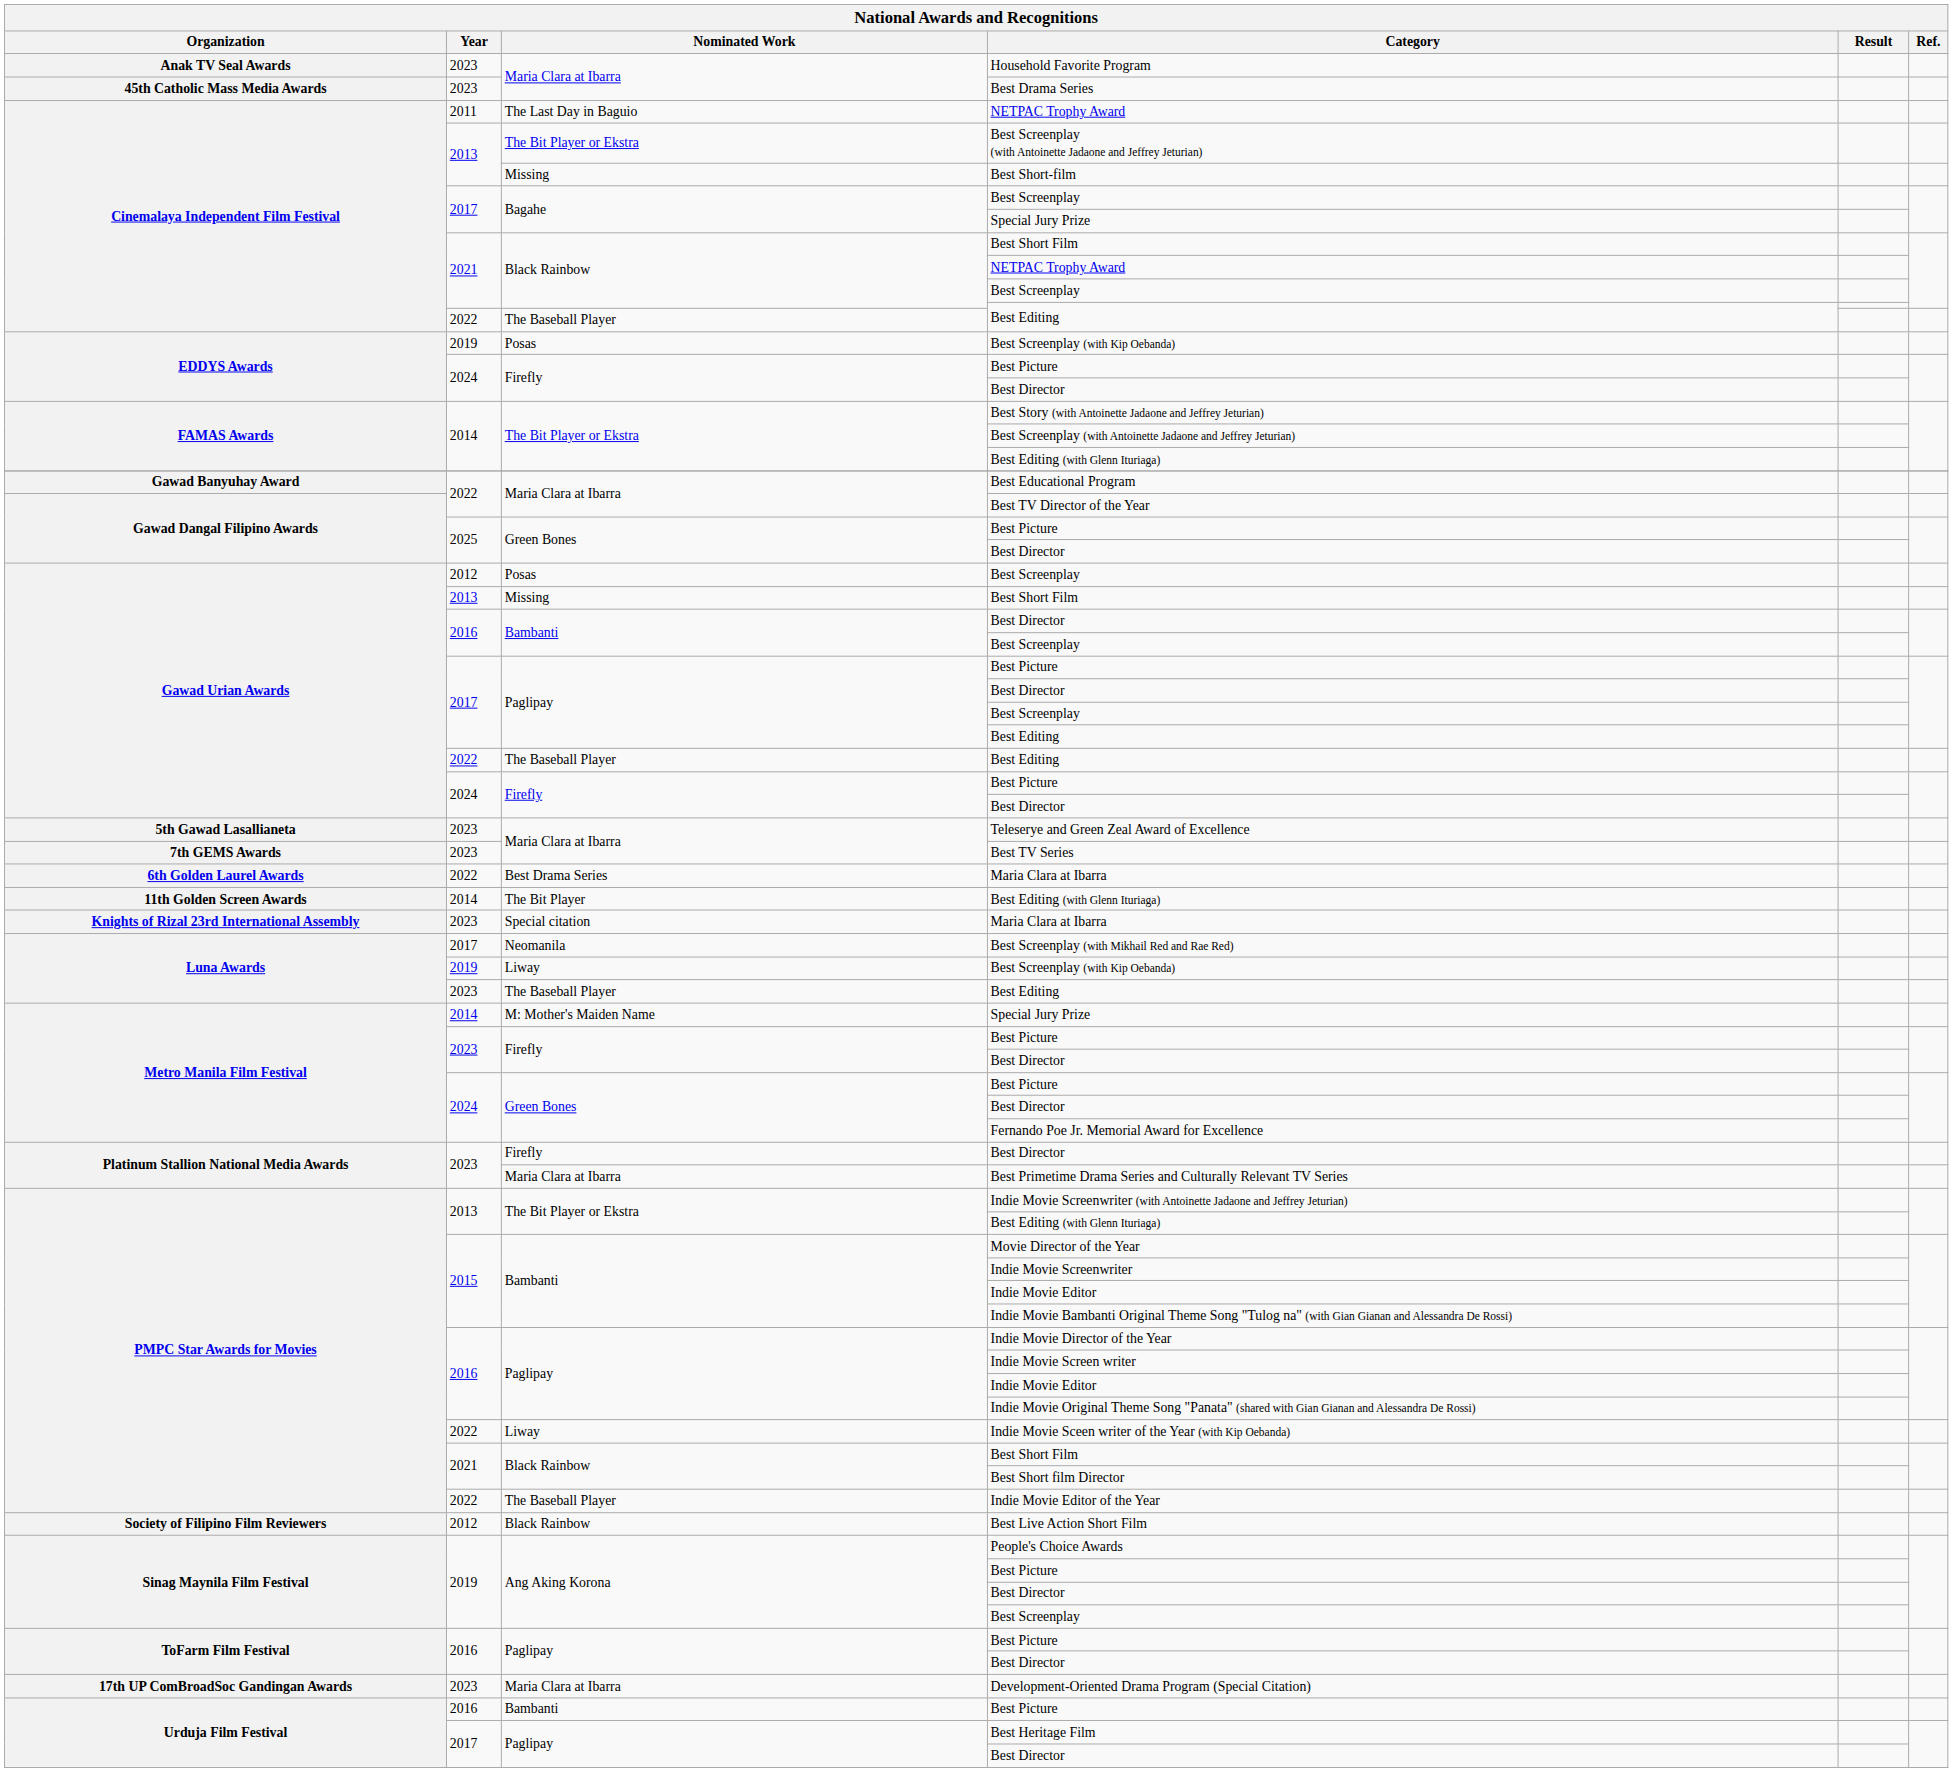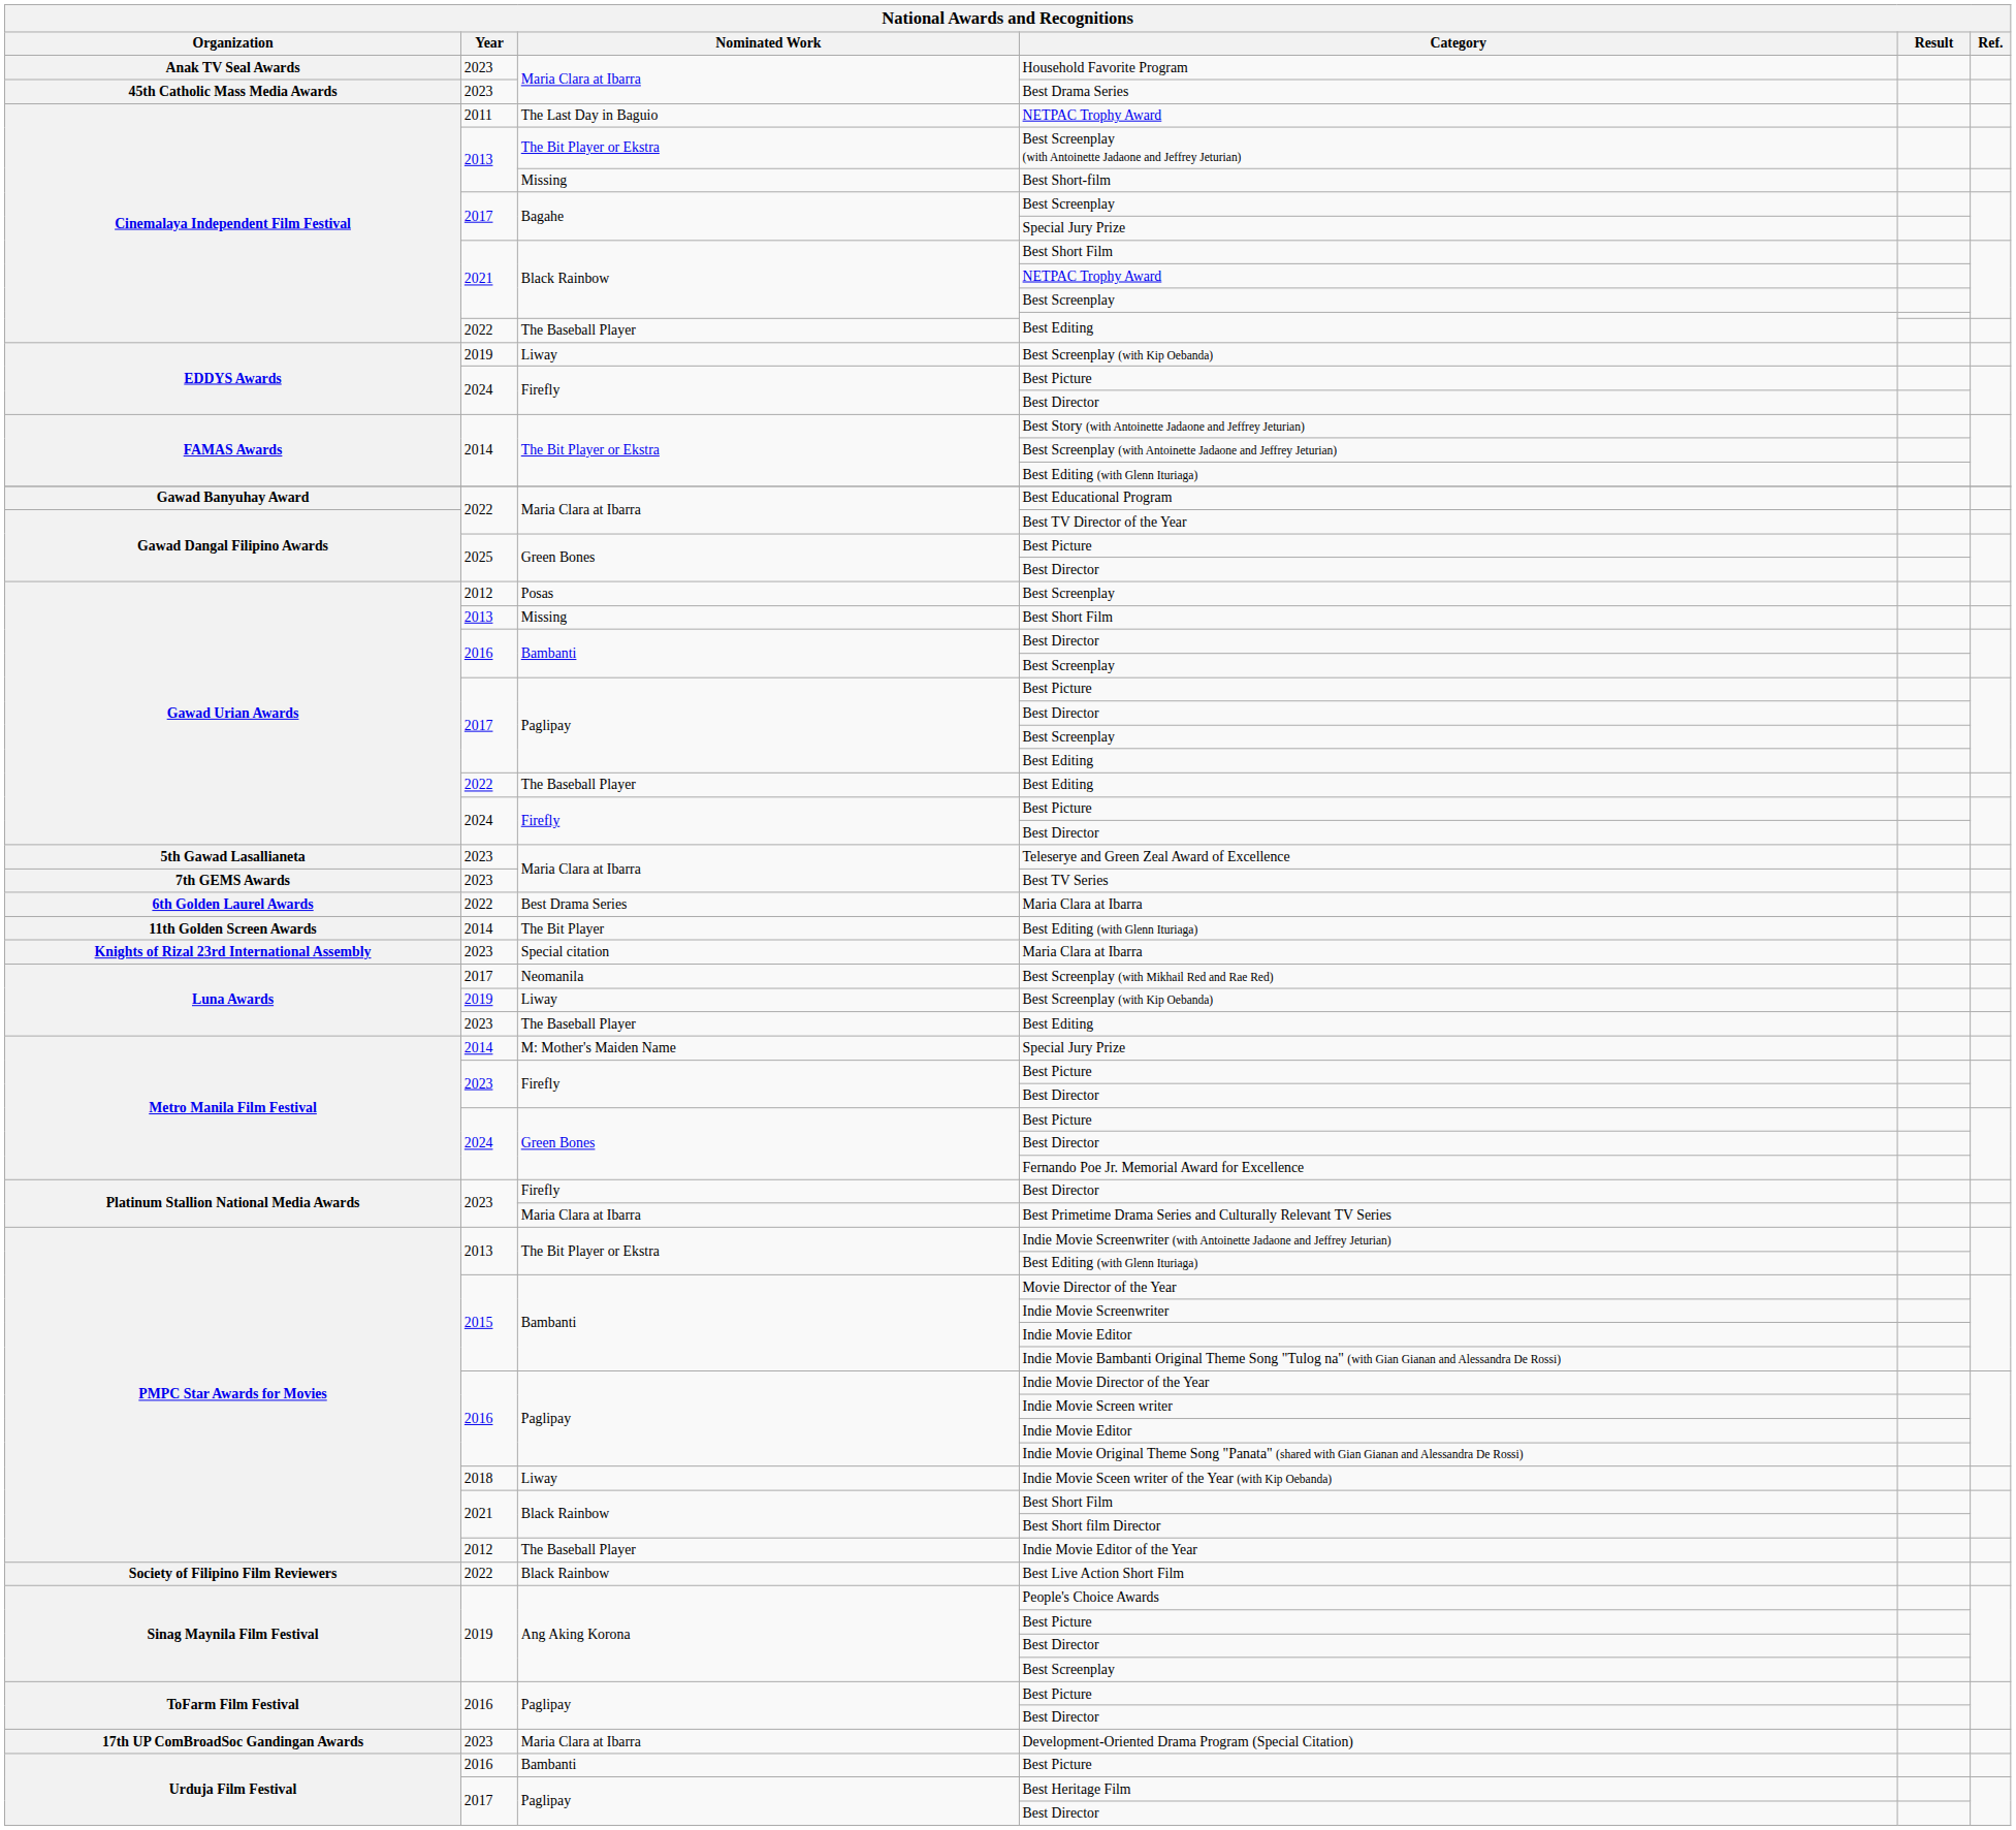 <table class="wikitable sortable plainrowheaders" style="font-size:88%; width:100%;">
 <tr>
 <th colspan=6><big>National Awards and Recognitions</big></th>
 </tr>
 <tr>
 <th>Organization</th>
 <th>Year</th>
 <th scope="col" width="25%">Nominated Work</th>
 <th>Category</th>
 <th>Result</th>
 <th scope="col" width="2%">Ref.</th>
 </tr>
 <tr>
 <th scope="rowgroup">Anak TV Seal Awards</th>
 <td>2023</td>
 <td rowspan="2"><a href='#'>Maria Clara at Ibarra</a></td>
 <td>Household Favorite Program</td>
 <td></td>
 <td></td>
 </tr>
 <tr>
 <th scope="rowgroup">45th Catholic Mass Media Awards</th>
 <td>2023</td>
 <td>Best Drama Series</td>
 <td></td>
 <td></td>
 </tr>
 <tr>
 <th scope="rowgroup" rowspan="10"><a href='#'>Cinemalaya Independent Film Festival</a></th>
 <td>2011</td>
 <td>The Last Day in Baguio</td>
 <td><a href='#'>NETPAC Trophy Award</a></td>
 <td></td>
 <td></td>
 </tr>
 <tr>
 <td rowspan="2"><a href='#'>2013</a></td>
 <td><a href='#'>The Bit Player or Ekstra</a></td>
 <td>Best Screenplay<br><small>(with Antoinette Jadaone and Jeffrey Jeturian)</small></td>
 <td></td>
 <td></td>
 </tr>
 <tr>
 <td>Missing</td>
 <td>Best Short-film</td>
 <td></td>
 <td></td>
 </tr>
 <tr>
 <td rowspan="2"><a href='#'>2017</a></td>
 <td rowspan="2">Bagahe</td>
 <td>Best Screenplay</td>
 <td></td>
 <td rowspan="2"></td>
 </tr>
 <tr>
 <td>Special Jury Prize</td>
 <td></td>
 </tr>
 <tr>
 <td rowspan="4"><a href='#'>2021</a></td>
 <td rowspan="4">Black Rainbow</td>
 <td>Best Short Film</td>
 <td></td>
 <td rowspan="4"></td>
 </tr>
 <tr>
 <td><a href='#'>NETPAC Trophy Award</a></td>
 <td></td>
 </tr>
 <tr>
 <td>Best Screenplay</td>
 <td></td>
 </tr>
 <tr>
 <td rowspan="2">Best Editing</td>
 <td></td>
 </tr>
 <tr>
 <td>2022</td>
 <td>The Baseball Player</td>
 <td></td>
 <td></td>
 </tr>
 <tr>
 <th scope="rowgroup" rowspan="3"><a href='#'>EDDYS Awards</a></th>
 <td>2019</td>
-<td>Posas</td>
+<td>Liway</td>
 <td>Best Screenplay <small>(with Kip Oebanda)</small></td>
 <td></td>
 <td></td>
 </tr>
 <tr>
 <td rowspan="2">2024</td>
 <td rowspan="2">Firefly</td>
 <td>Best Picture</td>
 <td></td>
 <td rowspan="2"></td>
 </tr>
 <tr>
 <td>Best Director</td>
 <td></td>
 </tr>
 <tr>
 <th scope="rowgroup" rowspan="3"><a href='#'>FAMAS Awards</a></th>
 <td rowspan="3">2014</td>
 <td rowspan="3"><a href='#'>The Bit Player or Ekstra</a></td>
 <td>Best Story <small>(with Antoinette Jadaone and Jeffrey Jeturian)</small></td>
 <td></td>
 <td rowspan="3"></td>
 </tr>
 <tr>
 <td>Best Screenplay <small>(with Antoinette Jadaone and Jeffrey Jeturian)</small></td>
 <td></td>
 </tr>
 <tr>
 <td>Best Editing <small>(with Glenn Ituriaga)</small></td>
 <td></td>
 </tr>
 <tr>
 </tr>
 <tr>
 <th scope="rowgroup">Gawad Banyuhay Award</th>
 <td rowspan="2">2022</td>
 <td rowspan="2">Maria Clara at Ibarra</td>
 <td>Best Educational Program</td>
 <td></td>
 <td></td>
 </tr>
 <tr>
 <th scope="rowgroup" rowspan="3">Gawad Dangal Filipino Awards</th>
 <td>Best TV Director of the Year</td>
 <td></td>
 <td></td>
 </tr>
 <tr>
 <td rowspan="2">2025</td>
 <td rowspan="2">Green Bones</td>
 <td>Best Picture</td>
 <td></td>
 <td rowspan="2"></td>
 </tr>
 <tr>
 <td>Best Director</td>
 <td></td>
 </tr>
 <tr>
 <th scope="rowgroup" rowspan="11"><a href='#'>Gawad Urian Awards</a></th>
 <td>2012</td>
 <td>Posas</td>
 <td>Best Screenplay</td>
 <td></td>
 <td></td>
 </tr>
 <tr>
 <td><a href='#'>2013</a></td>
 <td>Missing</td>
 <td>Best Short Film</td>
 <td></td>
 <td></td>
 </tr>
 <tr>
 <td rowspan="2"><a href='#'>2016</a></td>
 <td rowspan="2"><a href='#'>Bambanti</a></td>
 <td>Best Director</td>
 <td></td>
 <td rowspan="2"></td>
 </tr>
 <tr>
 <td>Best Screenplay</td>
 <td></td>
 </tr>
 <tr>
 <td rowspan="4"><a href='#'>2017</a></td>
 <td rowspan="4">Paglipay</td>
 <td>Best Picture</td>
 <td></td>
 <td rowspan="4"></td>
 </tr>
 <tr>
 <td>Best Director</td>
 <td></td>
 </tr>
 <tr>
 <td>Best Screenplay</td>
 <td></td>
 </tr>
 <tr>
 <td>Best Editing</td>
 <td></td>
 </tr>
 <tr>
 <td><a href='#'>2022</a></td>
 <td>The Baseball Player</td>
 <td>Best Editing</td>
 <td></td>
 <td></td>
 </tr>
 <tr>
 <td rowspan="2">2024</td>
 <td rowspan="2"><a href='#'>Firefly</a></td>
 <td>Best Picture</td>
 <td></td>
 <td rowspan="2"></td>
 </tr>
 <tr>
 <td>Best Director</td>
 <td></td>
 </tr>
 <tr>
 <th scope="rowgroup">5th Gawad Lasallianeta</th>
 <td>2023</td>
 <td rowspan="2">Maria Clara at Ibarra</td>
 <td>Teleserye and Green Zeal Award of Excellence</td>
 <td></td>
 <td></td>
 </tr>
 <tr>
 <th scope="rowgroup">7th GEMS Awards</th>
 <td>2023</td>
 <td>Best TV Series</td>
 <td></td>
 <td></td>
 </tr>
 <tr>
 <th scope="rowgroup"><a href='#'>6th Golden Laurel Awards</a></th>
 <td>2022</td>
 <td>Best Drama  Series</td>
 <td>Maria Clara at Ibarra</td>
 <td></td>
 <td></td>
 </tr>
 <tr>
 <th scope="rowgroup">11th Golden Screen Awards</th>
 <td>2014</td>
 <td>The Bit Player</td>
 <td>Best Editing <small>(with Glenn Ituriaga)</small></td>
 <td></td>
 <td></td>
 </tr>
 <tr>
 <th scope="rowgroup"><a href='#'>Knights of Rizal 23rd International Assembly</a></th>
 <td>2023</td>
 <td>Special citation</td>
 <td>Maria Clara at Ibarra</td>
 <td></td>
 <td></td>
 </tr>
 <tr>
 <th scope="rowgroup" rowspan="3"><a href='#'>Luna Awards</a></th>
 <td>2017</td>
 <td>Neomanila</td>
 <td>Best Screenplay <small>(with Mikhail Red and Rae Red)</small></td>
 <td></td>
 <td></td>
 </tr>
 <tr>
 <td><a href='#'>2019</a></td>
 <td>Liway</td>
 <td>Best Screenplay <small>(with Kip Oebanda)</small></td>
 <td></td>
 <td></td>
 </tr>
 <tr>
 <td>2023</td>
 <td>The Baseball Player</td>
 <td>Best Editing</td>
 <td></td>
 <td></td>
 </tr>
 <tr>
 <th scope="rowgroup" rowspan="6"><a href='#'>Metro Manila Film Festival</a></th>
 <td><a href='#'>2014</a></td>
 <td>M: Mother's Maiden Name</td>
 <td>Special Jury Prize</td>
 <td></td>
 <td></td>
 </tr>
 <tr>
 <td rowspan="2"><a href='#'>2023</a></td>
 <td rowspan="2">Firefly</td>
 <td>Best Picture</td>
 <td></td>
 <td rowspan="2"></td>
 </tr>
 <tr>
 <td>Best Director</td>
 <td></td>
 </tr>
 <tr>
 <td rowspan="3"><a href='#'>2024</a></td>
 <td rowspan="3"><a href='#'>Green Bones</a></td>
 <td>Best Picture</td>
 <td></td>
 <td rowspan="3"></td>
 </tr>
 <tr>
 <td>Best Director</td>
 <td></td>
 </tr>
 <tr>
 <td>Fernando Poe Jr. Memorial Award for Excellence</td>
 <td></td>
 </tr>
 <tr>
 <th scope="rowgroup" rowspan="2">Platinum Stallion National Media Awards</th>
 <td rowspan="2">2023</td>
 <td>Firefly</td>
 <td>Best Director</td>
 <td></td>
 <td></td>
 </tr>
 <tr>
 <td>Maria Clara at Ibarra</td>
 <td>Best Primetime Drama Series and Culturally Relevant TV Series</td>
 <td></td>
 <td></td>
 </tr>
 <tr>
 <th scope="rowgroup" rowspan="14"><a href='#'>PMPC Star Awards for Movies</a></th>
 <td rowspan="2">2013</td>
 <td rowspan="2">The Bit Player or Ekstra</td>
 <td>Indie Movie Screenwriter <small>(with Antoinette Jadaone and Jeffrey Jeturian)</small></td>
 <td></td>
 <td rowspan="2"></td>
 </tr>
 <tr>
 <td>Best Editing <small>(with Glenn Ituriaga)</small></td>
 <td></td>
 </tr>
 <tr>
 <td rowspan="4"><a href='#'>2015</a></td>
 <td rowspan="4">Bambanti</td>
 <td>Movie Director of the Year</td>
 <td></td>
 <td rowspan="4"></td>
 </tr>
 <tr>
 <td>Indie Movie Screenwriter</td>
 <td></td>
 </tr>
 <tr>
 <td>Indie Movie Editor</td>
 <td></td>
 </tr>
 <tr>
 <td>Indie Movie Bambanti Original Theme Song "Tulog na" <small>(with Gian Gianan and Alessandra De Rossi)</small></td>
 <td></td>
 </tr>
 <tr>
 <td rowspan="4"><a href='#'>2016</a></td>
 <td rowspan="4">Paglipay</td>
 <td>Indie Movie Director of the Year</td>
 <td></td>
 <td rowspan="4"></td>
 </tr>
 <tr>
 <td>Indie Movie Screen writer</td>
 <td></td>
 </tr>
 <tr>
 <td>Indie Movie Editor</td>
 <td></td>
 </tr>
 <tr>
 <td>Indie Movie Original Theme Song "Panata" <small>(shared with Gian Gianan and Alessandra De Rossi)</small></td>
 <td></td>
 </tr>
 <tr>
-<td>2022</td>
+<td>2018</td>
 <td>Liway</td>
 <td>Indie Movie Sceen writer of the Year <small>(with Kip Oebanda)</small></td>
 <td></td>
 <td></td>
 </tr>
 <tr>
 <td rowspan="2">2021</td>
 <td rowspan="2">Black Rainbow</td>
 <td>Best Short Film</td>
 <td></td>
 <td rowspan="2"></td>
 </tr>
 <tr>
 <td>Best Short film Director</td>
 <td></td>
 </tr>
 <tr>
-<td>2022</td>
+<td>2012</td>
 <td>The Baseball Player</td>
 <td>Indie Movie Editor of the Year</td>
 <td></td>
 <td></td>
 </tr>
 <tr>
 <th scope="rowgroup">Society of Filipino Film Reviewers</th>
-<td>2012</td>
+<td>2022</td>
 <td>Black Rainbow</td>
 <td>Best Live Action Short Film</td>
 <td></td>
 <td></td>
 </tr>
 <tr>
 <th scope="rowgroup" rowspan="4">Sinag Maynila Film Festival</th>
 <td rowspan="4">2019</td>
 <td rowspan="4">Ang Aking Korona</td>
 <td>People's Choice Awards</td>
 <td></td>
 <td rowspan="4"></td>
 </tr>
 <tr>
 <td>Best Picture</td>
 <td></td>
 </tr>
 <tr>
 <td>Best Director</td>
 <td></td>
 </tr>
 <tr>
 <td>Best Screenplay</td>
 <td></td>
 </tr>
 <tr>
 <th scope="rowgroup" rowspan="2">ToFarm Film Festival</th>
 <td rowspan="2">2016</td>
 <td rowspan="2">Paglipay</td>
 <td>Best Picture</td>
 <td></td>
 <td rowspan="2"></td>
 </tr>
 <tr>
 <td>Best Director</td>
 <td></td>
 </tr>
 <tr>
 <th scope="rowgroup">17th UP ComBroadSoc Gandingan Awards</th>
 <td>2023</td>
 <td>Maria Clara at Ibarra</td>
 <td>Development-Oriented Drama Program (Special Citation)</td>
 <td></td>
 <td></td>
 </tr>
 <tr>
 <th scope="rowgroup" rowspan="3">Urduja Film Festival</th>
 <td>2016</td>
 <td>Bambanti</td>
 <td>Best Picture</td>
 <td></td>
 <td></td>
 </tr>
 <tr>
 <td rowspan="2">2017</td>
 <td rowspan="2">Paglipay</td>
 <td>Best Heritage Film</td>
 <td></td>
 <td rowspan="2"></td>
 </tr>
 <tr>
 <td>Best Director</td>
 <td></td>
 </tr>
 </table>
